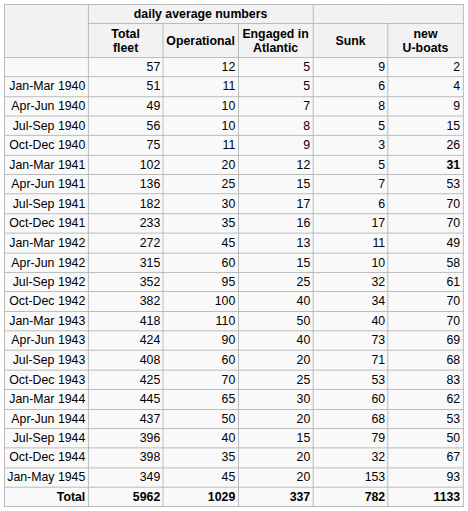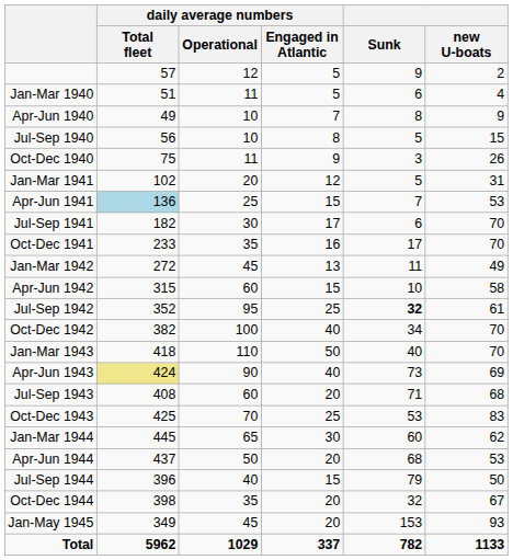 <table class="wikitable" style="text-align:right;">
 <tr>
 <th rowspan="2"></th>
 <th colspan="3">daily average numbers</th>
 <th colspan="2"></th>
 </tr>
 <tr>
 <th style=width:90px>Total<br>fleet</th>
 <th style=width:90px>Operational</th>
 <th style=width:90px>Engaged in<br>Atlantic</th>
 <th style=width:90px>Sunk</th>
 <th style=width:90px>new<br>U-boats</th>
 </tr>
 <tr>
 <td></td>
 <td>57</td>
 <td>12</td>
 <td>5</td>
 <td>9</td>
 <td>2</td>
 </tr>
 <tr>
 <td>Jan-Mar 1940</td>
 <td>51</td>
 <td>11</td>
 <td>5</td>
 <td>6</td>
 <td>4</td>
 </tr>
 <tr>
 <td>Apr-Jun 1940</td>
 <td>49</td>
 <td>10</td>
 <td>7</td>
 <td>8</td>
 <td>9</td>
 </tr>
 <tr>
 <td>Jul-Sep 1940</td>
 <td>56</td>
 <td>10</td>
 <td>8</td>
 <td>5</td>
 <td>15</td>
 </tr>
 <tr>
 <td>Oct-Dec 1940</td>
 <td>75</td>
 <td>11</td>
 <td>9</td>
 <td>3</td>
 <td>26</td>
 </tr>
 <tr>
 <td>Jan-Mar 1941</td>
 <td>102</td>
 <td>20</td>
 <td>12</td>
 <td>5</td>
-<td><strong>31</strong></td>
+<td>31</td>
 </tr>
 <tr>
 <td>Apr-Jun 1941</td>
-<td>136</td>
+<td style="background: lightblue;">136</td>
 <td>25</td>
 <td>15</td>
 <td>7</td>
 <td>53</td>
 </tr>
 <tr>
 <td>Jul-Sep 1941</td>
 <td>182</td>
 <td>30</td>
 <td>17</td>
 <td>6</td>
 <td>70</td>
 </tr>
 <tr>
 <td>Oct-Dec 1941</td>
 <td>233</td>
 <td>35</td>
 <td>16</td>
 <td>17</td>
 <td>70</td>
 </tr>
 <tr>
 <td>Jan-Mar 1942</td>
 <td>272</td>
 <td>45</td>
 <td>13</td>
 <td>11</td>
 <td>49</td>
 </tr>
 <tr>
 <td>Apr-Jun 1942</td>
 <td>315</td>
 <td>60</td>
 <td>15</td>
 <td>10</td>
 <td>58</td>
 </tr>
 <tr>
 <td>Jul-Sep 1942</td>
 <td>352</td>
 <td>95</td>
 <td>25</td>
-<td>32</td>
+<td><strong>32</strong></td>
 <td>61</td>
 </tr>
 <tr>
 <td>Oct-Dec 1942</td>
 <td>382</td>
 <td>100</td>
 <td>40</td>
 <td>34</td>
 <td>70</td>
 </tr>
 <tr>
 <td>Jan-Mar 1943</td>
 <td>418</td>
 <td>110</td>
 <td>50</td>
 <td>40</td>
 <td>70</td>
 </tr>
 <tr>
 <td>Apr-Jun 1943</td>
-<td>424</td>
+<td style="background: khaki;">424</td>
 <td>90</td>
 <td>40</td>
 <td>73</td>
 <td>69</td>
 </tr>
 <tr>
 <td>Jul-Sep 1943</td>
 <td>408</td>
 <td>60</td>
 <td>20</td>
 <td>71</td>
 <td>68</td>
 </tr>
 <tr>
 <td>Oct-Dec 1943</td>
 <td>425</td>
 <td>70</td>
 <td>25</td>
 <td>53</td>
 <td>83</td>
 </tr>
 <tr>
 <td>Jan-Mar 1944</td>
 <td>445</td>
 <td>65</td>
 <td>30</td>
 <td>60</td>
 <td>62</td>
 </tr>
 <tr>
 <td>Apr-Jun 1944</td>
 <td>437</td>
 <td>50</td>
 <td>20</td>
 <td>68</td>
 <td>53</td>
 </tr>
 <tr>
 <td>Jul-Sep 1944</td>
 <td>396</td>
 <td>40</td>
 <td>15</td>
 <td>79</td>
 <td>50</td>
 </tr>
 <tr>
 <td>Oct-Dec 1944</td>
 <td>398</td>
 <td>35</td>
 <td>20</td>
 <td>32</td>
 <td>67</td>
 </tr>
 <tr>
 <td>Jan-May 1945</td>
 <td>349</td>
 <td>45</td>
 <td>20</td>
 <td>153</td>
 <td>93</td>
 </tr>
 <tr>
 <td><strong>Total</strong></td>
 <td><strong>5962</strong></td>
 <td><strong>1029</strong></td>
 <td><strong>337</strong></td>
 <td><strong>782</strong></td>
 <td><strong>1133</strong></td>
 </tr>
 </table>
